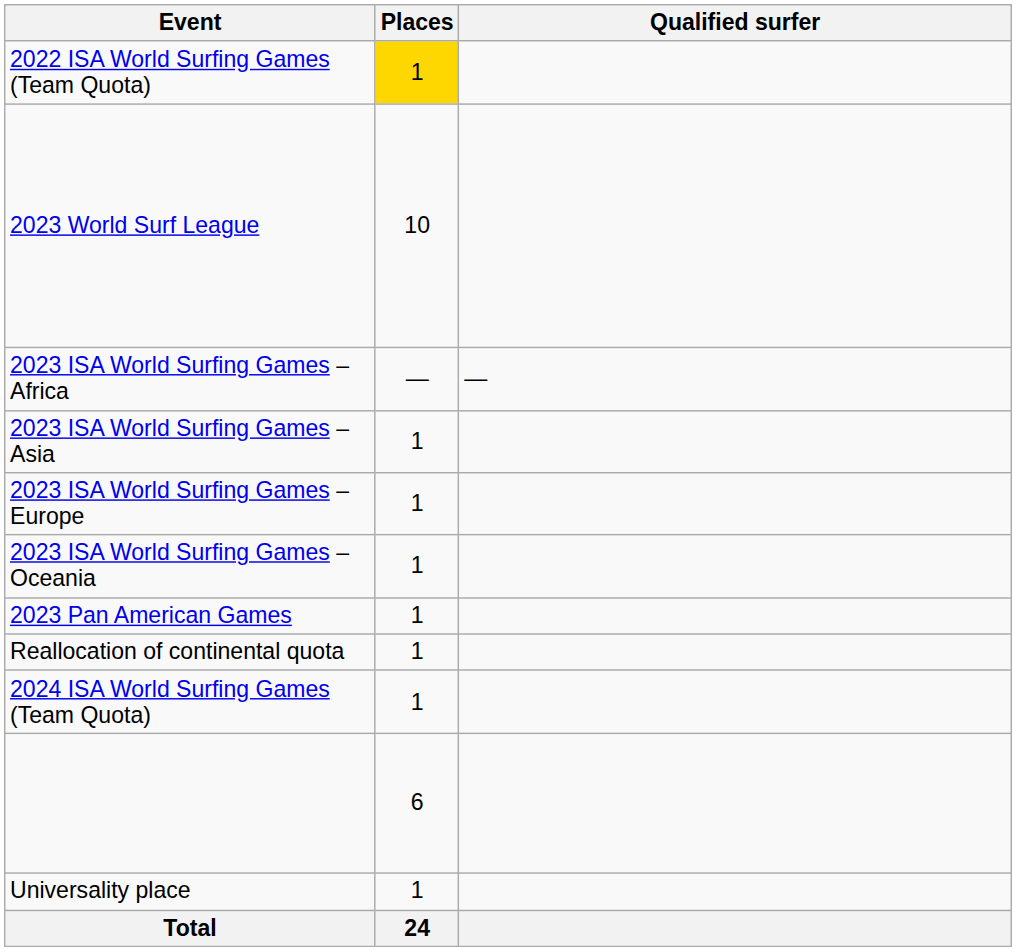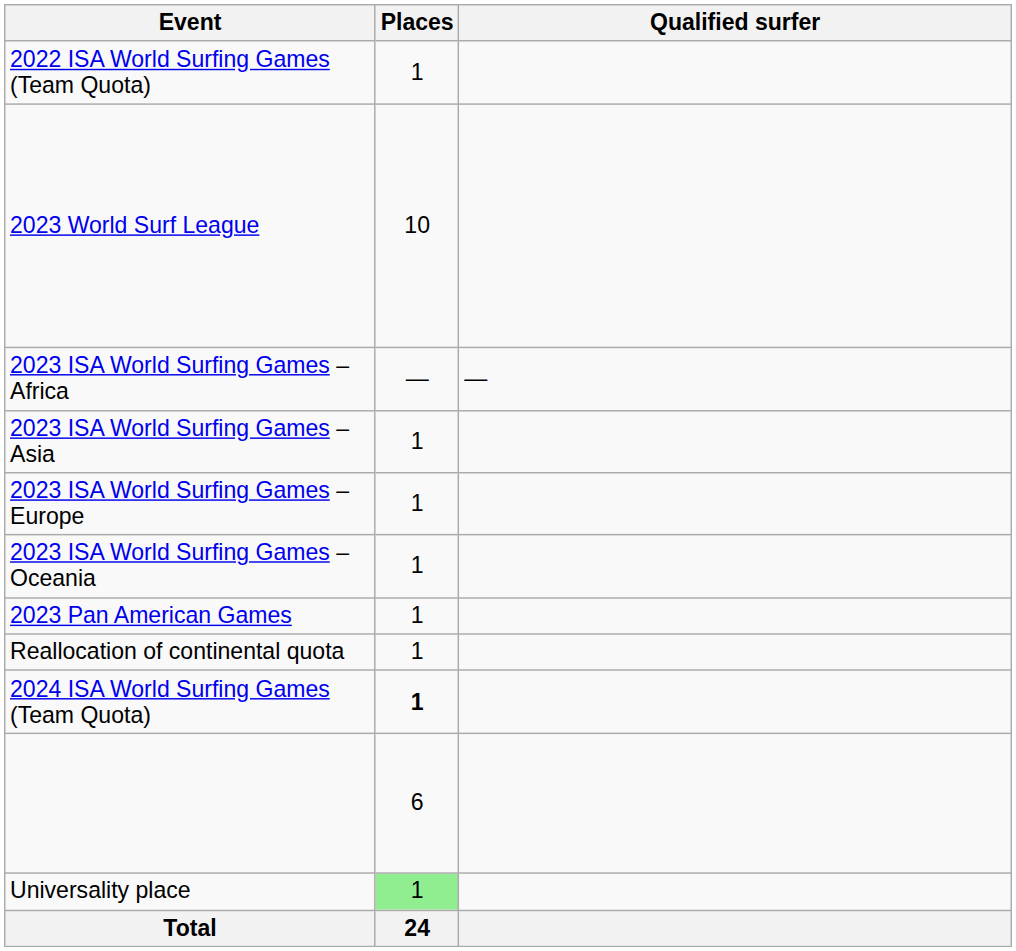 <table class="wikitable" style="text-align:left;" width=700>
 <tr>
 <th width=250>Event</th>
 <th width=50>Places</th>
 <th>Qualified surfer</th>
 </tr>
 <tr>
 <td><a href='#'>2022 ISA World Surfing Games</a> (Team Quota)</td>
-<td align="center" style="background: gold;">1</td>
+<td align="center">1</td>
 <td></td>
 </tr>
 <tr>
 <td><a href='#'>2023 World Surf League</a></td>
 <td align="center">10</td>
 <td><br><br><br><br><br><br><br><br><br></td>
 </tr>
 <tr>
 <td><a href='#'>2023 ISA World Surfing Games</a> – Africa</td>
 <td align="center">—</td>
 <td>— </td>
 </tr>
 <tr>
 <td><a href='#'>2023 ISA World Surfing Games</a> – Asia</td>
 <td align="center">1</td>
 <td> </td>
 </tr>
 <tr>
 <td><a href='#'>2023 ISA World Surfing Games</a> – Europe</td>
 <td align="center">1</td>
 <td></td>
 </tr>
 <tr>
 <td><a href='#'>2023 ISA World Surfing Games</a> – Oceania</td>
 <td align="center">1</td>
 <td></td>
 </tr>
 <tr>
 <td><a href='#'>2023 Pan American Games</a></td>
 <td align="center">1</td>
 <td></td>
 </tr>
 <tr>
 <td>Reallocation of continental quota</td>
 <td align="center">1</td>
 <td></td>
 </tr>
 <tr>
 <td><a href='#'>2024 ISA World Surfing Games</a> (Team Quota)</td>
-<td align="center">1</td>
+<td align="center"><strong>1</strong></td>
 <td></td>
 </tr>
 <tr>
 <td></td>
 <td align=center>6</td>
 <td><br><br><br><br><br></td>
 </tr>
 <tr>
 <td>Universality place</td>
-<td align=center>1</td>
+<td align=center style="background: lightgreen;">1</td>
 <td><br></td>
 </tr>
 <tr>
 <th>Total</th>
 <th>24</th>
 <th colspan=3></th>
 </tr>
 </table>
